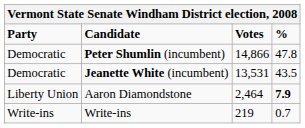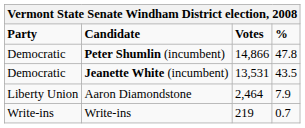 <table class="wikitable">
 <tr>
 <th colspan="4">Vermont State Senate Windham District election, 2008</th>
 </tr>
 <tr>
 <td><strong>Party</strong></td>
 <td><strong>Candidate</strong></td>
 <td><strong>Votes</strong></td>
 <td><strong>%</strong></td>
 </tr>
 <tr>
 <td>Democratic</td>
 <td><strong>Peter Shumlin</strong> (incumbent)</td>
 <td>14,866</td>
 <td>47.8</td>
 </tr>
 <tr>
 <td>Democratic</td>
 <td><strong>Jeanette White</strong> (incumbent)</td>
 <td>13,531</td>
 <td>43.5</td>
 </tr>
 <tr>
 <td>Liberty Union</td>
 <td>Aaron Diamondstone</td>
 <td>2,464</td>
-<td><strong>7.9</strong></td>
+<td>7.9</td>
 </tr>
 <tr>
 <td>Write-ins</td>
 <td>Write-ins</td>
 <td>219</td>
 <td>0.7</td>
 </tr>
 </table>
